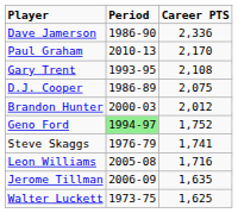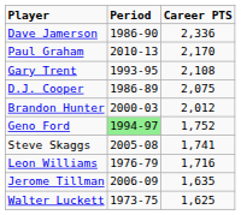 <table class="wikitable">
 <tr>
 <td><span><strong>Player</strong></span></td>
 <td><span><strong>Period</strong></span></td>
 <td><span><strong>Career PTS</strong></span></td>
 </tr>
 <tr>
 <td><a href='#'>Dave Jamerson</a></td>
 <td align=center>1986-90</td>
 <td align=center>2,336</td>
 </tr>
 <tr>
 <td><a href='#'>Paul Graham</a></td>
 <td align=center>2010-13</td>
 <td align=center>2,170</td>
 </tr>
 <tr>
 <td><a href='#'>Gary Trent</a></td>
 <td align=center>1993-95</td>
 <td align=center>2,108</td>
 </tr>
 <tr>
 <td><a href='#'>D.J. Cooper</a></td>
 <td align=center>1986-89</td>
 <td align=center>2,075</td>
 </tr>
 <tr>
 <td><a href='#'>Brandon Hunter</a></td>
 <td align=center>2000-03</td>
 <td align=center>2,012</td>
 </tr>
 <tr>
 <td><a href='#'>Geno Ford</a></td>
 <td align=center style="background: lightgreen;">1994-97</td>
 <td align=center>1,752</td>
 </tr>
 <tr>
 <td>Steve Skaggs</td>
-<td align=center>1976-79</td>
+<td align=center>2005-08</td>
 <td align=center>1,741</td>
 </tr>
 <tr>
 <td><a href='#'>Leon Williams</a></td>
-<td align=center>2005-08</td>
+<td align=center>1976-79</td>
 <td align=center>1,716</td>
 </tr>
 <tr>
 <td><a href='#'>Jerome Tillman</a></td>
 <td align=center>2006-09</td>
 <td align=center>1,635</td>
 </tr>
 <tr>
 <td><a href='#'>Walter Luckett</a></td>
 <td align=center>1973-75</td>
 <td align=center>1,625</td>
 </tr>
 </table>
